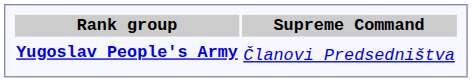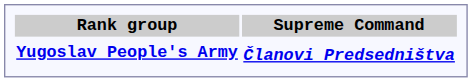 <table style="border:1px solid #8888aa; background-color:#f7f8ff; color:inherit; padding:5px; font-size:95%; margin: 0px 12px 12px 0px;">
 <tr style="background-color:#CCCCCC; text-align:center; width: 100%">
 <th>Rank group</th>
 <th>Supreme Command</th>
 </tr>
 <tr style="text-align:center;">
 <td rowspan="2"><strong> <a href='#'>Yugoslav People's Army</a></strong></td>
 <td></td>
 </tr>
 <tr style="text-align:center;">
-<td><a href='#'><em>Članovi Predsedništva</em></a></td>
+<td><strong><a href='#'><em>Članovi Predsedništva</em></a></strong></td>
 </tr>
 </table>
